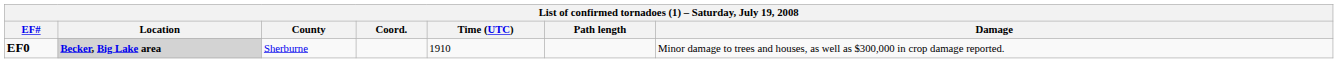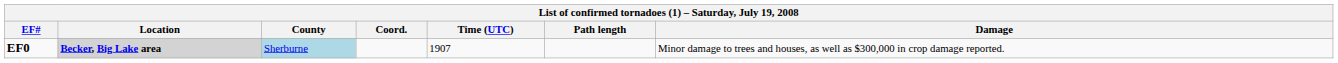 <table class="wikitable collapsible" width="100%">
 <tr>
 <th colspan="7">List of confirmed tornadoes (1) – Saturday, July 19, 2008</th>
 </tr>
 <tr>
 <th><a href='#'>EF#</a></th>
 <th>Location</th>
 <th>County</th>
 <th>Coord.</th>
 <th>Time (<a href='#'>UTC</a>)</th>
 <th>Path length</th>
 <th>Damage</th>
 </tr>
 <tr>
 <td><big><strong>EF0</strong></big></td>
 <td style="background: lightgrey;"><strong><a href='#'>Becker</a>, <a href='#'>Big Lake</a> area</strong></td>
-<td><a href='#'>Sherburne</a></td>
+<td style="background: lightblue;"><a href='#'>Sherburne</a></td>
 <td></td>
-<td>1910</td>
+<td>1907</td>
 <td></td>
 <td>Minor damage to trees and houses, as well as $300,000 in crop damage reported.</td>
 </tr>
 </table>
